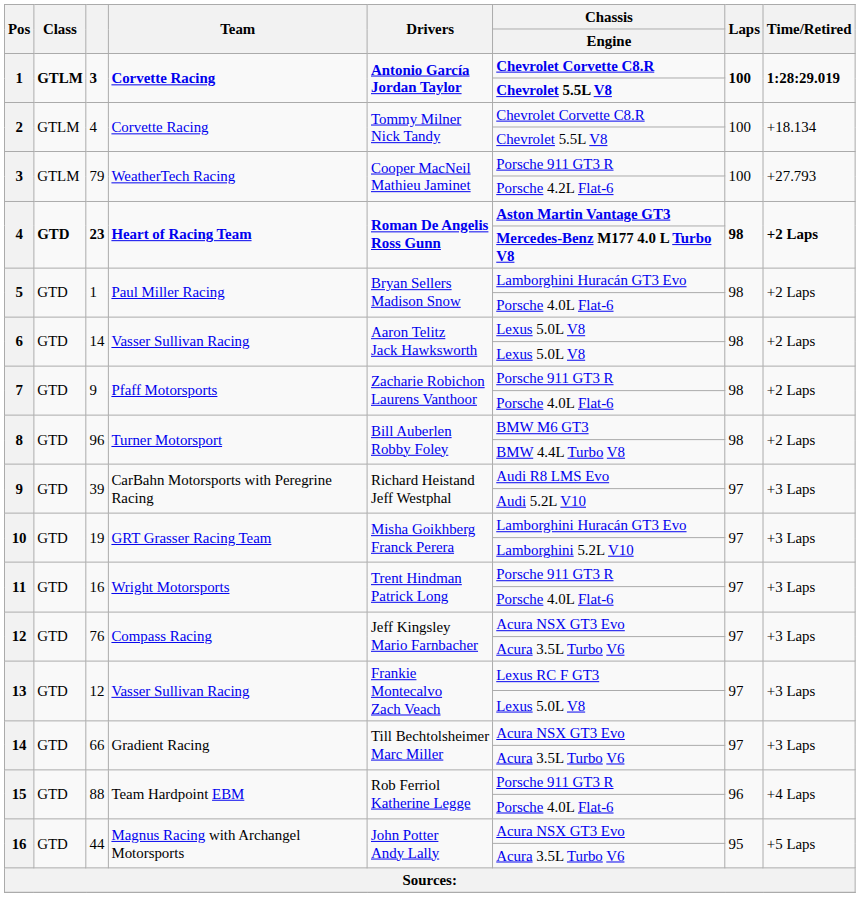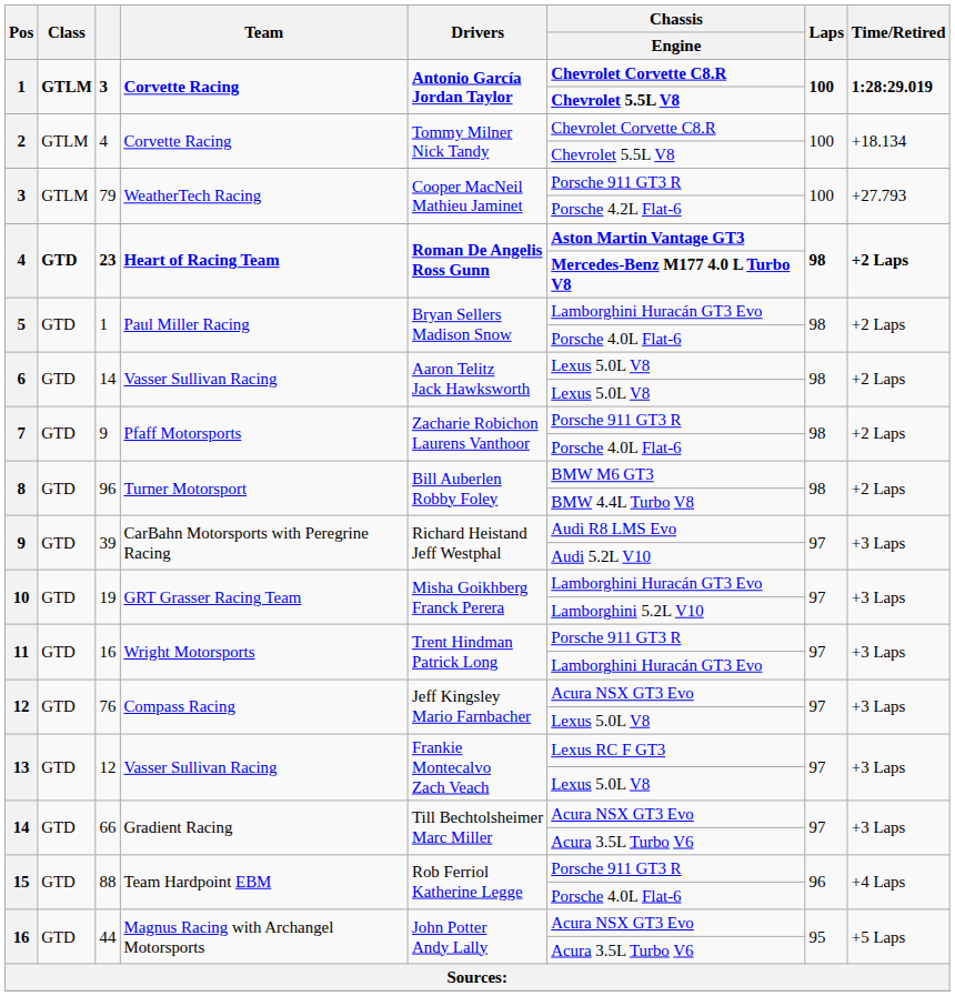 <table class="wikitable" style="font-size: 95%;">
 <tr>
 <th rowspan=2>Pos</th>
 <th rowspan=2>Class</th>
 <th rowspan=2></th>
 <th rowspan=2>Team</th>
 <th rowspan=2>Drivers</th>
 <th>Chassis</th>
 <th rowspan=2>Laps</th>
 <th rowspan=2>Time/Retired</th>
 </tr>
 <tr>
 <th>Engine</th>
 </tr>
 <tr style="font-weight:bold">
 <th rowspan=2>1</th>
 <td rowspan=2>GTLM</td>
 <td rowspan=2>3</td>
 <td rowspan=2> <a href='#'>Corvette Racing</a></td>
 <td rowspan=2> <a href='#'>Antonio García</a><br> <a href='#'>Jordan Taylor</a></td>
 <td><a href='#'>Chevrolet Corvette C8.R</a></td>
 <td rowspan=2>100</td>
 <td rowspan=2>1:28:29.019</td>
 </tr>
 <tr style="font-weight:bold">
 <td><a href='#'>Chevrolet</a> 5.5L <a href='#'>V8</a></td>
 </tr>
 <tr>
 <th rowspan=2>2</th>
 <td rowspan=2>GTLM</td>
 <td rowspan=2>4</td>
 <td rowspan=2> <a href='#'>Corvette Racing</a></td>
 <td rowspan=2> <a href='#'>Tommy Milner</a><br> <a href='#'>Nick Tandy</a></td>
 <td><a href='#'>Chevrolet Corvette C8.R</a></td>
 <td rowspan=2>100</td>
 <td rowspan=2>+18.134</td>
 </tr>
 <tr>
 <td><a href='#'>Chevrolet</a> 5.5L <a href='#'>V8</a></td>
 </tr>
 <tr>
 <th rowspan=2>3</th>
 <td rowspan=2>GTLM</td>
 <td rowspan=2>79</td>
 <td rowspan=2> <a href='#'>WeatherTech Racing</a></td>
 <td rowspan=2> <a href='#'>Cooper MacNeil</a><br> <a href='#'>Mathieu Jaminet</a></td>
 <td><a href='#'>Porsche 911 GT3 R</a></td>
 <td rowspan=2>100</td>
 <td rowspan=2>+27.793</td>
 </tr>
 <tr>
 <td><a href='#'>Porsche</a> 4.2L <a href='#'>Flat-6</a></td>
 </tr>
 <tr style="font-weight:bold">
 <th rowspan=2>4</th>
 <td rowspan=2>GTD</td>
 <td rowspan=2>23</td>
 <td rowspan=2> <a href='#'>Heart of Racing Team</a></td>
 <td rowspan=2> <a href='#'>Roman De Angelis</a><br> <a href='#'>Ross Gunn</a></td>
 <td><a href='#'>Aston Martin Vantage GT3</a></td>
 <td rowspan=2>98</td>
 <td rowspan=2>+2 Laps</td>
 </tr>
 <tr style="font-weight:bold">
 <td><a href='#'>Mercedes-Benz</a> M177 4.0 L <a href='#'>Turbo</a> <a href='#'>V8</a></td>
 </tr>
 <tr>
 <th rowspan=2>5</th>
 <td rowspan=2>GTD</td>
 <td rowspan=2>1</td>
 <td rowspan=2> <a href='#'>Paul Miller Racing</a></td>
 <td rowspan=2> <a href='#'>Bryan Sellers</a><br> <a href='#'>Madison Snow</a></td>
 <td><a href='#'>Lamborghini Huracán GT3 Evo</a></td>
 <td rowspan=2>98</td>
 <td rowspan=2>+2 Laps</td>
 </tr>
 <tr>
 <td><a href='#'>Porsche</a> 4.0L <a href='#'>Flat-6</a></td>
 </tr>
 <tr>
 <th rowspan=2>6</th>
 <td rowspan=2>GTD</td>
 <td rowspan=2>14</td>
 <td rowspan=2> <a href='#'>Vasser Sullivan Racing</a></td>
 <td rowspan=2> <a href='#'>Aaron Telitz</a><br> <a href='#'>Jack Hawksworth</a></td>
 <td><a href='#'>Lexus</a> 5.0L <a href='#'>V8</a></td>
 <td rowspan=2>98</td>
 <td rowspan=2>+2 Laps</td>
 </tr>
 <tr>
 <td><a href='#'>Lexus</a> 5.0L <a href='#'>V8</a></td>
 </tr>
 <tr>
 <th rowspan=2>7</th>
 <td rowspan=2>GTD</td>
 <td rowspan=2>9</td>
 <td rowspan=2> <a href='#'>Pfaff Motorsports</a></td>
 <td rowspan=2> <a href='#'>Zacharie Robichon</a><br> <a href='#'>Laurens Vanthoor</a></td>
 <td><a href='#'>Porsche 911 GT3 R</a></td>
 <td rowspan=2>98</td>
 <td rowspan=2>+2 Laps</td>
 </tr>
 <tr>
 <td><a href='#'>Porsche</a> 4.0L <a href='#'>Flat-6</a></td>
 </tr>
 <tr>
 <th rowspan=2>8</th>
 <td rowspan=2>GTD</td>
 <td rowspan=2>96</td>
 <td rowspan=2> <a href='#'>Turner Motorsport</a></td>
 <td rowspan=2> <a href='#'>Bill Auberlen</a><br> <a href='#'>Robby Foley</a></td>
 <td><a href='#'>BMW M6 GT3</a></td>
 <td rowspan=2>98</td>
 <td rowspan=2>+2 Laps</td>
 </tr>
 <tr>
 <td><a href='#'>BMW</a> 4.4L <a href='#'>Turbo</a> <a href='#'>V8</a></td>
 </tr>
 <tr>
 <th rowspan=2>9</th>
 <td rowspan=2>GTD</td>
 <td rowspan=2>39</td>
 <td rowspan=2> CarBahn Motorsports with Peregrine Racing</td>
 <td rowspan=2> Richard Heistand<br> Jeff Westphal</td>
 <td><a href='#'>Audi R8 LMS Evo</a></td>
 <td rowspan=2>97</td>
 <td rowspan=2>+3 Laps</td>
 </tr>
 <tr>
 <td><a href='#'>Audi</a> 5.2L <a href='#'>V10</a></td>
 </tr>
 <tr>
 <th rowspan=2>10</th>
 <td rowspan=2>GTD</td>
 <td rowspan=2>19</td>
 <td rowspan=2> <a href='#'>GRT Grasser Racing Team</a></td>
 <td rowspan=2> <a href='#'>Misha Goikhberg</a><br> <a href='#'>Franck Perera</a></td>
 <td><a href='#'>Lamborghini Huracán GT3 Evo</a></td>
 <td rowspan=2>97</td>
 <td rowspan=2>+3 Laps</td>
 </tr>
 <tr>
 <td><a href='#'>Lamborghini</a> 5.2L <a href='#'>V10</a></td>
 </tr>
 <tr>
 <th rowspan=2>11</th>
 <td rowspan=2>GTD</td>
 <td rowspan=2>16</td>
 <td rowspan=2> <a href='#'>Wright Motorsports</a></td>
 <td rowspan=2> <a href='#'>Trent Hindman</a><br> <a href='#'>Patrick Long</a></td>
 <td><a href='#'>Porsche 911 GT3 R</a></td>
 <td rowspan=2>97</td>
 <td rowspan=2>+3 Laps</td>
 </tr>
 <tr>
-<td><a href='#'>Porsche</a> 4.0L <a href='#'>Flat-6</a></td>
+<td><a href='#'>Lamborghini Huracán GT3 Evo</a></td>
 </tr>
 <tr>
 <th rowspan=2>12</th>
 <td rowspan=2>GTD</td>
 <td rowspan=2>76</td>
 <td rowspan=2> <a href='#'>Compass Racing</a></td>
 <td rowspan=2> Jeff Kingsley<br> <a href='#'>Mario Farnbacher</a></td>
 <td><a href='#'>Acura NSX GT3 Evo</a></td>
 <td rowspan=2>97</td>
 <td rowspan=2>+3 Laps</td>
 </tr>
 <tr>
-<td><a href='#'>Acura</a> 3.5L <a href='#'>Turbo</a> <a href='#'>V6</a></td>
+<td><a href='#'>Lexus</a> 5.0L <a href='#'>V8</a></td>
 </tr>
 <tr>
 <th rowspan=2>13</th>
 <td rowspan=2>GTD</td>
 <td rowspan=2>12</td>
 <td rowspan=2> <a href='#'>Vasser Sullivan Racing</a></td>
 <td rowspan=2> <a href='#'>Frankie Montecalvo</a><br> <a href='#'>Zach Veach</a></td>
 <td><a href='#'>Lexus RC F GT3</a></td>
 <td rowspan=2>97</td>
 <td rowspan=2>+3 Laps</td>
 </tr>
 <tr>
 <td><a href='#'>Lexus</a> 5.0L <a href='#'>V8</a></td>
 </tr>
 <tr>
 <th rowspan=2>14</th>
 <td rowspan=2>GTD</td>
 <td rowspan=2>66</td>
 <td rowspan=2> Gradient Racing</td>
 <td rowspan=2> Till Bechtolsheimer<br> <a href='#'>Marc Miller</a></td>
 <td><a href='#'>Acura NSX GT3 Evo</a></td>
 <td rowspan=2>97</td>
 <td rowspan=2>+3 Laps</td>
 </tr>
 <tr>
 <td><a href='#'>Acura</a> 3.5L <a href='#'>Turbo</a> <a href='#'>V6</a></td>
 </tr>
 <tr>
 <th rowspan=2>15</th>
 <td rowspan=2>GTD</td>
 <td rowspan=2>88</td>
 <td rowspan=2> Team Hardpoint <a href='#'>EBM</a></td>
 <td rowspan=2> Rob Ferriol<br> <a href='#'>Katherine Legge</a></td>
 <td><a href='#'>Porsche 911 GT3 R</a></td>
 <td rowspan=2>96</td>
 <td rowspan=2>+4 Laps</td>
 </tr>
 <tr>
 <td><a href='#'>Porsche</a> 4.0L <a href='#'>Flat-6</a></td>
 </tr>
 <tr>
 <th rowspan=2>16</th>
 <td rowspan=2>GTD</td>
 <td rowspan=2>44</td>
 <td rowspan=2> <a href='#'>Magnus Racing</a> with Archangel Motorsports</td>
 <td rowspan=2> <a href='#'>John Potter</a><br> <a href='#'>Andy Lally</a></td>
 <td><a href='#'>Acura NSX GT3 Evo</a></td>
 <td rowspan=2>95</td>
 <td rowspan=2>+5 Laps</td>
 </tr>
 <tr>
 <td><a href='#'>Acura</a> 3.5L <a href='#'>Turbo</a> <a href='#'>V6</a></td>
 </tr>
 <tr>
 <th colspan=8 align=center>Sources:</th>
 </tr>
 <tr>
 </tr>
 </table>
